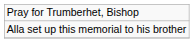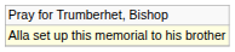 <table class="wikitable">
 <tr>
 <td>Pray for Trumberhet, Bishop</td>
 </tr>
 <tr>
-<td>Alla set up this memorial to his brother</td>
+<td style="background: lightyellow;">Alla set up this memorial to his brother</td>
 </tr>
 <tr>
 </tr>
 </table>
